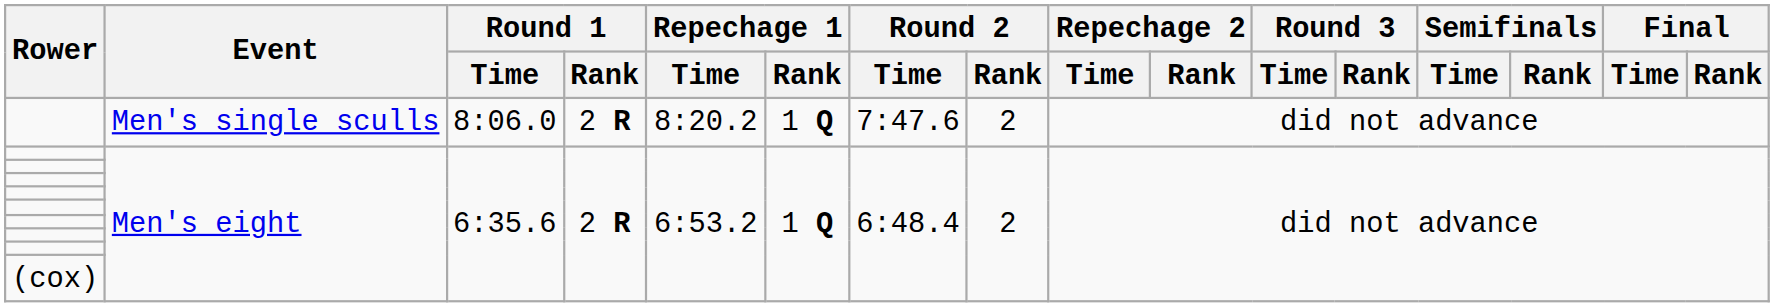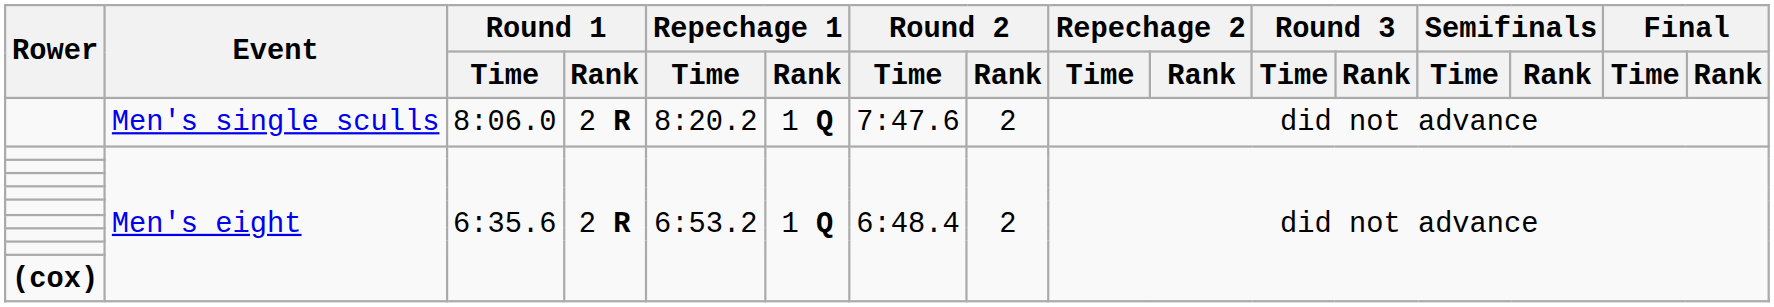 <table class="wikitable sortable" style=text-align:center>
 <tr>
 <th rowspan=2>Rower</th>
 <th rowspan=2>Event</th>
 <th colspan=2>Round 1</th>
 <th colspan=2>Repechage 1</th>
 <th colspan=2>Round 2</th>
 <th colspan=2>Repechage 2</th>
 <th colspan=2>Round 3</th>
 <th colspan=2>Semifinals</th>
 <th colspan=2>Final</th>
 </tr>
 <tr>
 <th>Time</th>
 <th>Rank</th>
 <th>Time</th>
 <th>Rank</th>
 <th>Time</th>
 <th>Rank</th>
 <th>Time</th>
 <th>Rank</th>
 <th>Time</th>
 <th>Rank</th>
 <th>Time</th>
 <th>Rank</th>
 <th>Time</th>
 <th>Rank</th>
 </tr>
 <tr>
 <td align=left></td>
 <td align=left><a href='#'>Men's single sculls</a></td>
 <td>8:06.0</td>
 <td>2 <strong>R</strong></td>
 <td>8:20.2</td>
 <td>1 <strong>Q</strong></td>
 <td>7:47.6</td>
 <td>2</td>
 <td colspan=8>did not advance</td>
 </tr>
 <tr>
 <td align=left></td>
 <td align=left rowspan=9><a href='#'>Men's eight</a></td>
 <td rowspan=9>6:35.6</td>
 <td rowspan=9>2 <strong>R</strong></td>
 <td rowspan=9>6:53.2</td>
 <td rowspan=9>1 <strong>Q</strong></td>
 <td rowspan=9>6:48.4</td>
 <td rowspan=9>2</td>
 <td colspan=8 rowspan=9>did not advance</td>
 </tr>
 <tr>
 <td align=left></td>
 </tr>
 <tr>
 <td align=left></td>
 </tr>
 <tr>
 <td align=left></td>
 </tr>
 <tr>
 <td align=left></td>
 </tr>
 <tr>
 <td align=left></td>
 </tr>
 <tr>
 <td align=left></td>
 </tr>
 <tr>
 <td align=left></td>
 </tr>
 <tr>
-<td align=left> (cox)</td>
+<td align=left><strong> (cox)</strong></td>
 </tr>
 </table>
